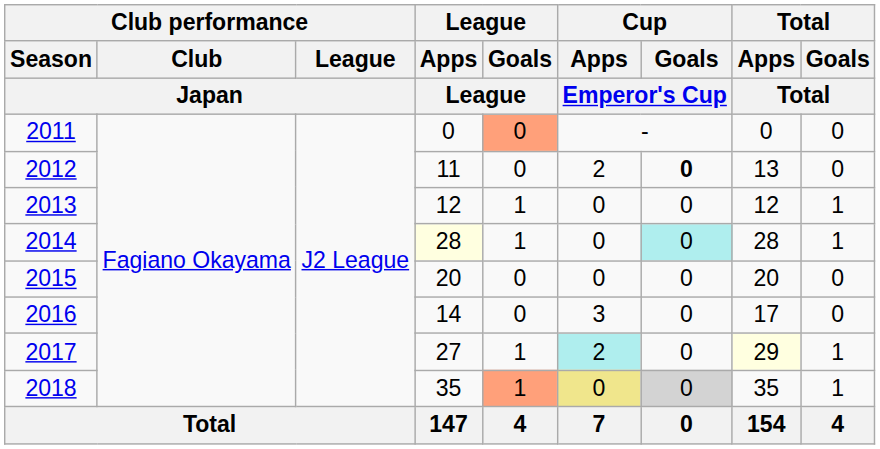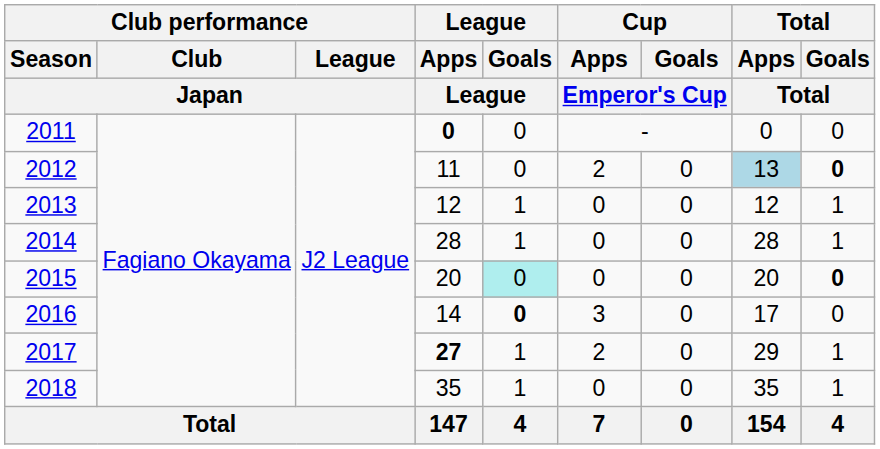 <table class="wikitable" style="text-align:center;">
 <tr>
 <th colspan=3>Club performance</th>
 <th colspan=2>League</th>
 <th colspan=2>Cup</th>
 <th colspan=2>Total</th>
 </tr>
 <tr>
 <th>Season</th>
 <th>Club</th>
 <th>League</th>
 <th>Apps</th>
 <th>Goals</th>
 <th>Apps</th>
 <th>Goals</th>
 <th>Apps</th>
 <th>Goals</th>
 </tr>
 <tr>
 <th colspan=3>Japan</th>
 <th colspan=2>League</th>
 <th colspan=2><a href='#'>Emperor's Cup</a></th>
 <th colspan=2>Total</th>
 </tr>
 <tr>
 <td><a href='#'>2011</a></td>
 <td rowspan="8"><a href='#'>Fagiano Okayama</a></td>
 <td rowspan="8"><a href='#'>J2 League</a></td>
+<td><strong>0</strong></td>
 <td>0</td>
-<td style="background: lightsalmon;">0</td>
 <td colspan="2">-</td>
 <td>0</td>
 <td>0</td>
 </tr>
 <tr>
 <td><a href='#'>2012</a></td>
 <td>11</td>
 <td>0</td>
 <td>2</td>
+<td>0</td>
+<td style="background: lightblue;">13</td>
 <td><strong>0</strong></td>
-<td>13</td>
-<td>0</td>
 </tr>
 <tr>
 <td><a href='#'>2013</a></td>
 <td>12</td>
 <td>1</td>
 <td>0</td>
 <td>0</td>
 <td>12</td>
 <td>1</td>
 </tr>
 <tr>
 <td><a href='#'>2014</a></td>
-<td style="background: lightyellow;">28</td>
+<td>28</td>
 <td>1</td>
 <td>0</td>
-<td style="background: paleturquoise;">0</td>
+<td>0</td>
 <td>28</td>
 <td>1</td>
 </tr>
 <tr>
 <td><a href='#'>2015</a></td>
 <td>20</td>
-<td>0</td>
+<td style="background: paleturquoise;">0</td>
 <td>0</td>
 <td>0</td>
 <td>20</td>
-<td>0</td>
+<td><strong>0</strong></td>
 </tr>
 <tr>
 <td><a href='#'>2016</a></td>
 <td>14</td>
-<td>0</td>
+<td><strong>0</strong></td>
 <td>3</td>
 <td>0</td>
 <td>17</td>
 <td>0</td>
 </tr>
 <tr>
 <td><a href='#'>2017</a></td>
-<td>27</td>
+<td><strong>27</strong></td>
 <td>1</td>
-<td style="background: paleturquoise;">2</td>
+<td>2</td>
 <td>0</td>
-<td style="background: lightyellow;">29</td>
+<td>29</td>
 <td>1</td>
 </tr>
 <tr>
 <td><a href='#'>2018</a></td>
 <td>35</td>
-<td style="background: lightsalmon;">1</td>
-<td style="background: khaki;">0</td>
-<td style="background: lightgrey;">0</td>
+<td>1</td>
+<td>0</td>
+<td>0</td>
 <td>35</td>
 <td>1</td>
 </tr>
 <tr>
 <th colspan=3>Total</th>
 <th>147</th>
 <th>4</th>
 <th>7</th>
 <th>0</th>
 <th>154</th>
 <th>4</th>
 </tr>
 </table>
